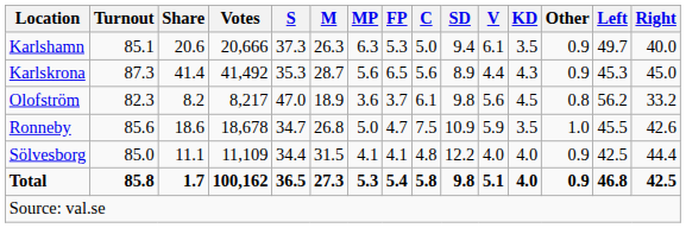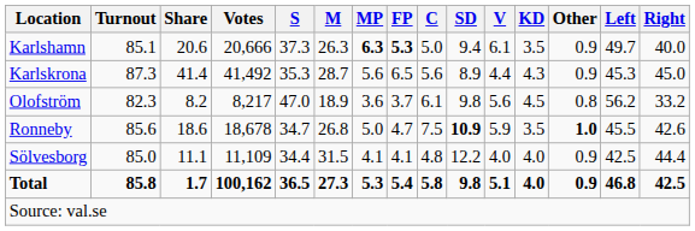 <table class="wikitable sortable" style=text-align:right>
 <tr>
 <th>Location</th>
 <th>Turnout</th>
 <th>Share</th>
 <th>Votes</th>
 <th><a href='#'>S</a></th>
 <th><a href='#'>M</a></th>
 <th><a href='#'>MP</a></th>
 <th><a href='#'>FP</a></th>
 <th><a href='#'>C</a></th>
 <th><a href='#'>SD</a></th>
 <th><a href='#'>V</a></th>
 <th><a href='#'>KD</a></th>
 <th>Other</th>
 <th><a href='#'>Left</a></th>
 <th><a href='#'>Right</a></th>
 </tr>
 <tr>
 <td align=left><a href='#'>Karlshamn</a></td>
 <td>85.1</td>
 <td>20.6</td>
 <td>20,666</td>
 <td>37.3</td>
 <td>26.3</td>
-<td>6.3</td>
-<td>5.3</td>
+<td><strong>6.3</strong></td>
+<td><strong>5.3</strong></td>
 <td>5.0</td>
 <td>9.4</td>
 <td>6.1</td>
 <td>3.5</td>
 <td>0.9</td>
 <td>49.7</td>
 <td>40.0</td>
 </tr>
 <tr>
 <td align=left><a href='#'>Karlskrona</a></td>
 <td>87.3</td>
 <td>41.4</td>
 <td>41,492</td>
 <td>35.3</td>
 <td>28.7</td>
 <td>5.6</td>
 <td>6.5</td>
 <td>5.6</td>
 <td>8.9</td>
 <td>4.4</td>
 <td>4.3</td>
 <td>0.9</td>
 <td>45.3</td>
 <td>45.0</td>
 </tr>
 <tr>
 <td align=left><a href='#'>Olofström</a></td>
 <td>82.3</td>
 <td>8.2</td>
 <td>8,217</td>
 <td>47.0</td>
 <td>18.9</td>
 <td>3.6</td>
 <td>3.7</td>
 <td>6.1</td>
 <td>9.8</td>
 <td>5.6</td>
 <td>4.5</td>
 <td>0.8</td>
 <td>56.2</td>
 <td>33.2</td>
 </tr>
 <tr>
 <td align=left><a href='#'>Ronneby</a></td>
 <td>85.6</td>
 <td>18.6</td>
 <td>18,678</td>
 <td>34.7</td>
 <td>26.8</td>
 <td>5.0</td>
 <td>4.7</td>
 <td>7.5</td>
-<td>10.9</td>
+<td><strong>10.9</strong></td>
 <td>5.9</td>
 <td>3.5</td>
-<td>1.0</td>
+<td><strong>1.0</strong></td>
 <td>45.5</td>
 <td>42.6</td>
 </tr>
 <tr>
 <td align=left><a href='#'>Sölvesborg</a></td>
 <td>85.0</td>
 <td>11.1</td>
 <td>11,109</td>
 <td>34.4</td>
 <td>31.5</td>
 <td>4.1</td>
 <td>4.1</td>
 <td>4.8</td>
 <td>12.2</td>
 <td>4.0</td>
 <td>4.0</td>
 <td>0.9</td>
 <td>42.5</td>
 <td>44.4</td>
 </tr>
 <tr>
 <td align=left><strong>Total</strong></td>
 <td><strong>85.8</strong></td>
 <td><strong>1.7</strong></td>
 <td><strong>100,162</strong></td>
 <td><strong>36.5</strong></td>
 <td><strong>27.3</strong></td>
 <td><strong>5.3</strong></td>
 <td><strong>5.4</strong></td>
 <td><strong>5.8</strong></td>
 <td><strong>9.8</strong></td>
 <td><strong>5.1</strong></td>
 <td><strong>4.0</strong></td>
 <td><strong>0.9</strong></td>
 <td><strong>46.8</strong></td>
 <td><strong>42.5</strong></td>
 </tr>
 <tr>
 <td align=left colspan=15>Source: val.se </td>
 </tr>
 </table>
